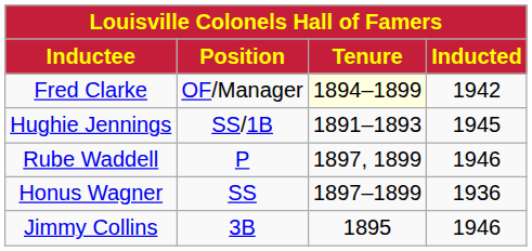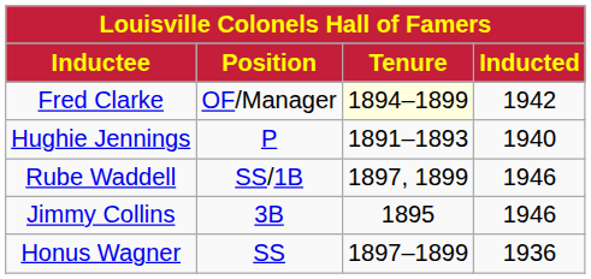 <table class="wikitable" style="text-align:center">
 <tr>
 <th colspan=4 style="background:#C41E3A; color:#FFFF00">Louisville Colonels Hall of Famers</th>
 </tr>
 <tr>
 <th style="background:#C41E3A; color:#FFFF00">Inductee</th>
 <th style="background:#C41E3A; color:#FFFF00">Position</th>
 <th style="background:#C41E3A; color:#FFFF00">Tenure</th>
 <th style="background:#C41E3A; color:#FFFF00">Inducted</th>
 </tr>
 <tr>
 <td><a href='#'>Fred Clarke</a></td>
 <td><a href='#'>OF</a>/Manager</td>
 <td style="background: lightyellow;">1894–1899</td>
 <td>1942</td>
 </tr>
 <tr>
 <td><a href='#'>Hughie Jennings</a></td>
-<td><a href='#'>SS</a>/<a href='#'>1B</a></td>
+<td><a href='#'>P</a></td>
 <td>1891–1893</td>
-<td>1945</td>
+<td>1940</td>
 </tr>
 <tr>
 <td><a href='#'>Rube Waddell</a></td>
-<td><a href='#'>P</a></td>
+<td><a href='#'>SS</a>/<a href='#'>1B</a></td>
 <td>1897, 1899</td>
+<td>1946</td>
+</tr>
+<tr>
+<td><a href='#'>Jimmy Collins</a></td>
+<td><a href='#'>3B</a></td>
+<td>1895</td>
 <td>1946</td>
 </tr>
 <tr>
 <td><a href='#'>Honus Wagner</a></td>
 <td><a href='#'>SS</a></td>
 <td>1897–1899</td>
 <td>1936</td>
 </tr>
-<tr>
-<td><a href='#'>Jimmy Collins</a></td>
-<td><a href='#'>3B</a></td>
-<td>1895</td>
-<td>1946</td>
-</tr>
 </table>
